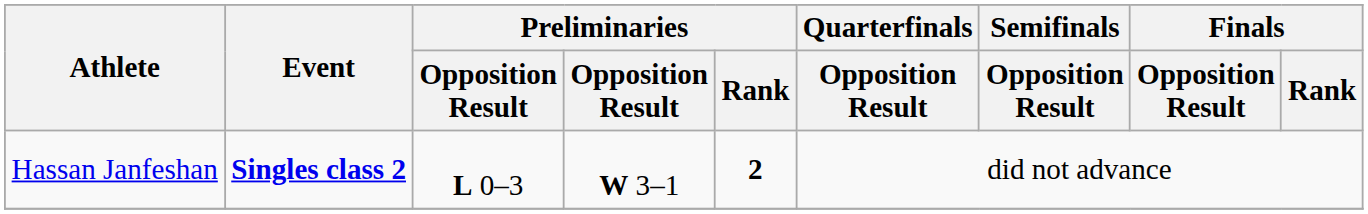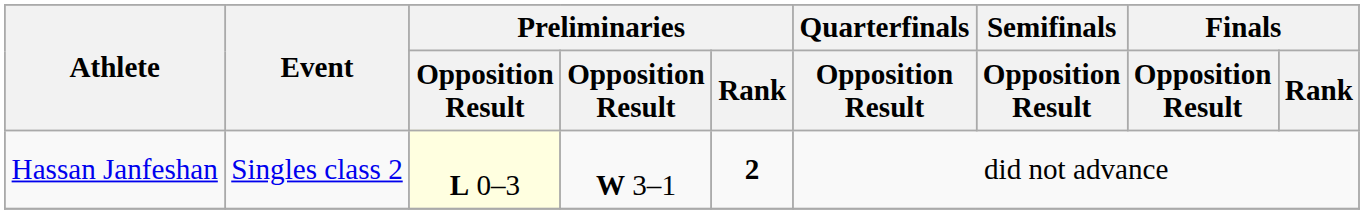 <table class=wikitable>
 <tr>
 <th rowspan="2">Athlete</th>
 <th rowspan="2">Event</th>
 <th colspan="3">Preliminaries</th>
 <th>Quarterfinals</th>
 <th>Semifinals</th>
 <th colspan="2">Finals</th>
 </tr>
 <tr>
 <th>Opposition<br>Result</th>
 <th>Opposition<br>Result</th>
 <th>Rank</th>
 <th>Opposition<br>Result</th>
 <th>Opposition<br>Result</th>
 <th>Opposition<br>Result</th>
 <th>Rank</th>
 </tr>
 <tr>
 <td><a href='#'>Hassan Janfeshan</a></td>
-<td><strong><a href='#'>Singles class 2</a></strong></td>
-<td align="center"><br><strong>L</strong> 0–3</td>
+<td><a href='#'>Singles class 2</a></td>
+<td align="center" style="background: lightyellow;"><br><strong>L</strong> 0–3</td>
 <td align="center"><br><strong>W</strong> 3–1</td>
 <td align="center"><strong>2</strong></td>
 <td align="center" colspan="4">did not advance</td>
 </tr>
 <tr>
 </tr>
 </table>
